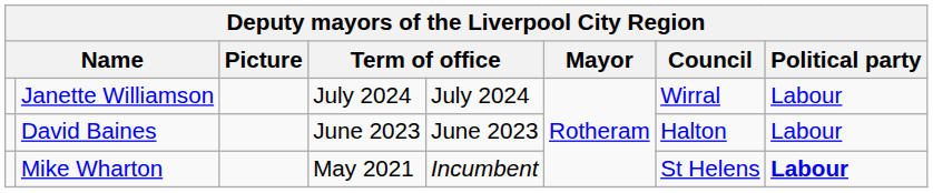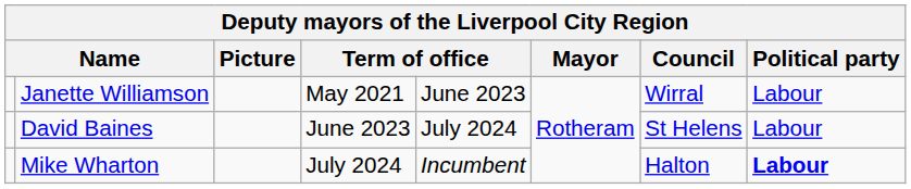 <table class="wikitable">
 <tr>
 <th colspan="8">Deputy mayors of the Liverpool City Region</th>
 </tr>
 <tr>
 <th colspan="2">Name</th>
 <th>Picture</th>
 <th colspan="2">Term of office</th>
 <th>Mayor</th>
 <th>Council</th>
 <th>Political party</th>
 </tr>
 <tr>
 <td style="background-color: "></td>
 <td><a href='#'>Janette Williamson</a></td>
 <td></td>
-<td>July 2024</td>
-<td>July 2024</td>
+<td>May 2021</td>
+<td>June 2023</td>
 <td rowspan="3"><a href='#'>Rotheram</a></td>
 <td><a href='#'>Wirral</a></td>
 <td><a href='#'>Labour</a></td>
 </tr>
 <tr>
 <td style="background-color: "></td>
 <td><a href='#'>David Baines</a></td>
 <td></td>
 <td>June 2023</td>
-<td>June 2023</td>
-<td><a href='#'>Halton</a></td>
+<td>July 2024</td>
+<td><a href='#'>St Helens</a></td>
 <td><a href='#'>Labour</a></td>
 </tr>
 <tr>
 <td style="background-color: "></td>
 <td><a href='#'>Mike Wharton</a></td>
 <td></td>
-<td>May 2021</td>
+<td>July 2024</td>
 <td><em>Incumbent</em></td>
-<td><a href='#'>St Helens</a></td>
+<td><a href='#'>Halton</a></td>
 <td><strong><a href='#'>Labour</a></strong></td>
 </tr>
 </table>
